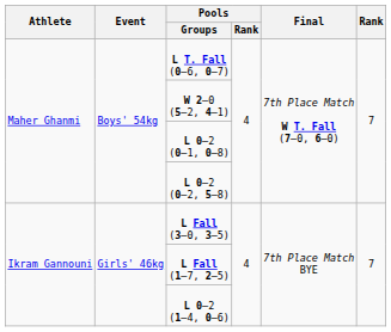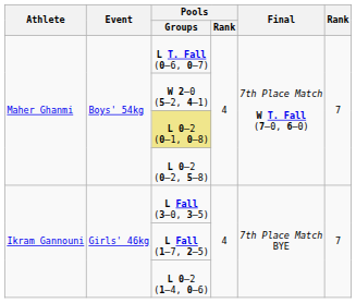 <table class="wikitable" style="text-align:left; font-size:90%">
 <tr>
 <th rowspan="2">Athlete</th>
 <th rowspan="2">Event</th>
 <th colspan="2">Pools</th>
 <th rowspan="2">Final</th>
 <th rowspan="2">Rank</th>
 </tr>
 <tr>
 <th>Groups</th>
 <th>Rank</th>
 </tr>
 <tr>
 <td rowspan="4"><a href='#'>Maher Ghanmi</a></td>
 <td rowspan="4"><a href='#'>Boys' 54kg</a></td>
 <td align=center><br><strong>L</strong> <strong><a href='#'>T. Fall</a></strong><br>(<strong>0</strong>–6, <strong>0</strong>–7)</td>
 <td rowspan="4" align=center>4</td>
 <td align=center rowspan=4><em>7th Place Match</em><br><br><strong>W</strong> <strong><a href='#'>T. Fall</a></strong><br>(<strong>7</strong>–0, <strong>6</strong>–0)</td>
 <td rowspan="4" align="center">7</td>
 </tr>
 <tr>
 <td align=center><br><strong>W</strong> <strong>2</strong>–0<br>(<strong>5</strong>–2, <strong>4</strong>–1)</td>
 </tr>
 <tr>
-<td align=center><br><strong>L</strong> <strong>0</strong>–2<br>(<strong>0</strong>–1, <strong>0</strong>–8)</td>
+<td align=center style="background: khaki;"><br><strong>L</strong> <strong>0</strong>–2<br>(<strong>0</strong>–1, <strong>0</strong>–8)</td>
 </tr>
 <tr>
 <td align=center><br><strong>L</strong> <strong>0</strong>–2<br>(<strong>0</strong>–2, <strong>5</strong>–8)</td>
 </tr>
 <tr>
 <td rowspan="3"><a href='#'>Ikram Gannouni</a></td>
 <td rowspan="3"><a href='#'>Girls' 46kg</a></td>
 <td align=center><br><strong>L</strong> <strong><a href='#'>Fall</a></strong><br>(<strong>3</strong>–0, <strong>3</strong>–5)</td>
 <td rowspan="3" align=center>4</td>
 <td align=center rowspan=3><em>7th Place Match</em><br>BYE</td>
 <td rowspan="3" align="center">7</td>
 </tr>
 <tr>
 <td align=center><br><strong>L</strong> <strong><a href='#'>Fall</a></strong><br>(<strong>1</strong>–7, <strong>2</strong>–5)</td>
 </tr>
 <tr>
 <td align=center><br><strong>L</strong> <strong>0</strong>–2<br>(<strong>1</strong>–4, <strong>0</strong>–6)</td>
 </tr>
 </table>
